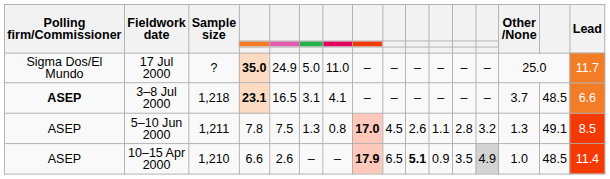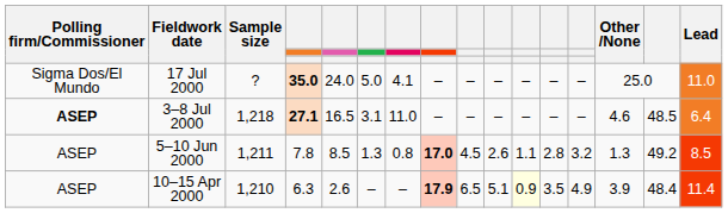 <table class="wikitable collapsible collapsed" style="text-align:center; font-size:90%; line-height:14px;">
 <tr style="height:42px;">
 <th style="width:260px;" rowspan="3">Polling firm/Commissioner</th>
 <th style="width:125px;" rowspan="3">Fieldwork date</th>
 <th style="width:60px;" rowspan="3">Sample size</th>
 <th style="width:60px;"></th>
 <th style="width:60px;"></th>
 <th style="width:60px;"></th>
 <th style="width:60px;"></th>
 <th style="width:60px;"></th>
 <th style="width:60px;"></th>
 <th style="width:60px;"></th>
 <th style="width:60px;"></th>
 <th style="width:60px;"></th>
 <th style="width:60px;"></th>
 <th style="width:60px;" rowspan="3">Other<br>/None</th>
 <th style="width:60px;" rowspan="3"></th>
 <th style="width:30px;" rowspan="3">Lead</th>
 </tr>
 <tr>
 <th style="color:inherit;background:#F27D26;"></th>
 <th style="color:inherit;background:#E35BAD;"></th>
 <th style="color:inherit;background:#22B14C;"></th>
 <th style="color:inherit;background:#E3035F;"></th>
 <th style="color:inherit;background:#F53903;"></th>
 <th style="color:inherit;background:"></th>
 <th style="color:inherit;background:"></th>
 <th style="color:inherit;background:"></th>
 <th style="color:inherit;background:"></th>
 <th style="color:inherit;background:"></th>
 </tr>
 <tr>
 <th></th>
 <th></th>
 <th></th>
 <th></th>
 <th></th>
 <th></th>
 <th></th>
 <th></th>
 <th></th>
 <th></th>
 </tr>
 <tr>
 <td>Sigma Dos/El Mundo</td>
 <td>17 Jul 2000</td>
 <td>?</td>
 <td style="color:inherit;background:#FCDBC2;"><strong>35.0</strong></td>
-<td>24.9</td>
+<td>24.0</td>
 <td>5.0</td>
+<td>4.1</td>
+<td>–</td>
+<td>–</td>
+<td>–</td>
+<td>–</td>
+<td>–</td>
+<td>–</td>
+<td colspan="2">25.0</td>
+<td style="color:inherit;background:#F27D26; color:white;">11.0</td>
+</tr>
+<tr>
+<td><strong>ASEP</strong></td>
+<td>3–8 Jul 2000</td>
+<td>1,218</td>
+<td style="color:inherit;background:#FCDBC2;"><strong>27.1</strong></td>
+<td>16.5</td>
+<td>3.1</td>
 <td>11.0</td>
 <td>–</td>
 <td>–</td>
 <td>–</td>
 <td>–</td>
 <td>–</td>
 <td>–</td>
-<td colspan="2">25.0</td>
-<td style="color:inherit;background:#F27D26; color:white;">11.7</td>
-</tr>
-<tr>
-<td><strong>ASEP</strong></td>
-<td>3–8 Jul 2000</td>
-<td>1,218</td>
-<td style="color:inherit;background:#FCDBC2;"><strong>23.1</strong></td>
-<td>16.5</td>
-<td>3.1</td>
-<td>4.1</td>
-<td>–</td>
-<td>–</td>
-<td>–</td>
-<td>–</td>
-<td>–</td>
-<td>–</td>
-<td>3.7</td>
+<td>4.6</td>
 <td>48.5</td>
-<td style="color:inherit;background:#F27D26; color:white;">6.6</td>
+<td style="color:inherit;background:#F27D26; color:white;">6.4</td>
 </tr>
 <tr>
 <td>ASEP</td>
 <td>5–10 Jun 2000</td>
 <td>1,211</td>
 <td>7.8</td>
-<td>7.5</td>
+<td>8.5</td>
 <td>1.3</td>
 <td>0.8</td>
 <td style="color:inherit;background:#FEC9BA;"><strong>17.0</strong></td>
 <td>4.5</td>
 <td>2.6</td>
 <td>1.1</td>
 <td>2.8</td>
 <td>3.2</td>
 <td>1.3</td>
-<td>49.1</td>
+<td>49.2</td>
 <td style="color:inherit;background:#F53903; color:white;">8.5</td>
 </tr>
 <tr>
 <td>ASEP</td>
 <td>10–15 Apr 2000</td>
 <td>1,210</td>
-<td>6.6</td>
+<td>6.3</td>
 <td>2.6</td>
 <td>–</td>
 <td>–</td>
 <td style="color:inherit;background:#FEC9BA;"><strong>17.9</strong></td>
 <td>6.5</td>
-<td><strong>5.1</strong></td>
-<td>0.9</td>
+<td>5.1</td>
+<td style="background: lightyellow;">0.9</td>
 <td>3.5</td>
-<td style="background: lightgrey;">4.9</td>
-<td>1.0</td>
-<td>48.5</td>
+<td>4.9</td>
+<td>3.9</td>
+<td>48.4</td>
 <td style="color:inherit;background:#F53903; color:white;">11.4</td>
 </tr>
 </table>
